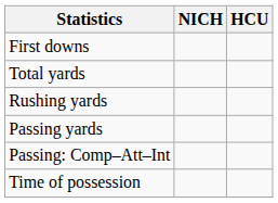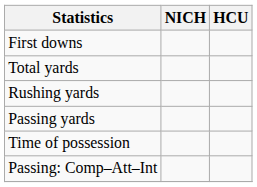 <table class="wikitable" style="float: left;">
 <tr>
 <th>Statistics</th>
 <th>NICH</th>
 <th>HCU</th>
 </tr>
 <tr>
 <td>First downs</td>
 <td></td>
 <td></td>
 </tr>
 <tr>
 <td>Total yards</td>
 <td></td>
 <td></td>
 </tr>
 <tr>
 <td>Rushing yards</td>
 <td></td>
 <td></td>
 </tr>
 <tr>
 <td>Passing yards</td>
 <td></td>
 <td></td>
 </tr>
 <tr>
-<td>Passing: Comp–Att–Int</td>
+<td>Time of possession</td>
 <td></td>
 <td></td>
 </tr>
 <tr>
-<td>Time of possession</td>
+<td>Passing: Comp–Att–Int</td>
 <td></td>
 <td></td>
 </tr>
 <tr>
 </tr>
 </table>
